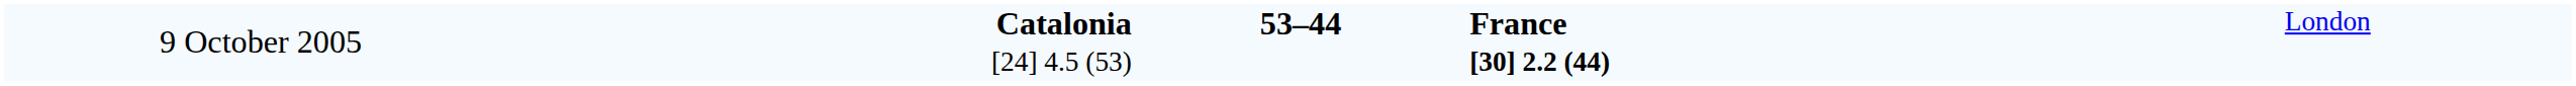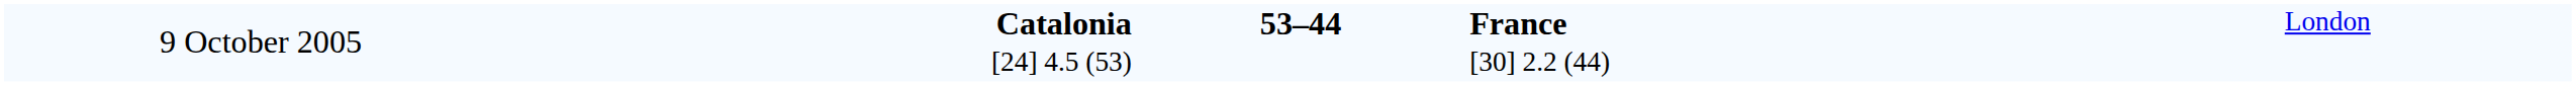 <table style="width: 100%; background:#F5FAFF;" cellspacing="0">
 <tr>
 <td align=center rowspan=3 width=20%>9 October 2005</td>
 </tr>
 <tr>
 <td width=24% align=right><strong>Catalonia</strong></td>
 <td align=center width=13%><strong>53–44</strong></td>
 <td width=24%><strong>France</strong></td>
 <td style=font-size:85% rowspan=3 valign=top align=center><a href='#'>London</a></td>
 </tr>
 <tr style=font-size:85%>
 <td align=right>[24] 4.5 (53)</td>
 <td></td>
-<td><strong>[30] 2.2 (44)</strong></td>
+<td>[30] 2.2 (44)</td>
 </tr>
 </table>
